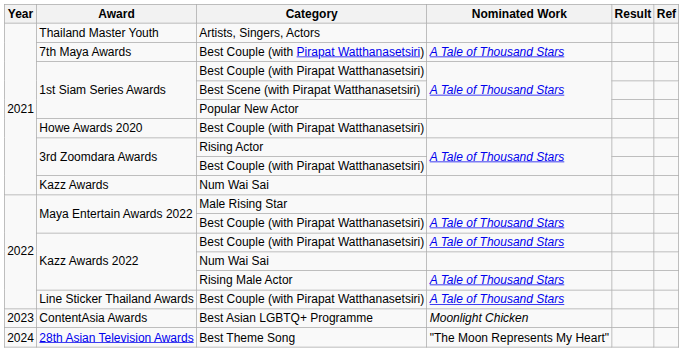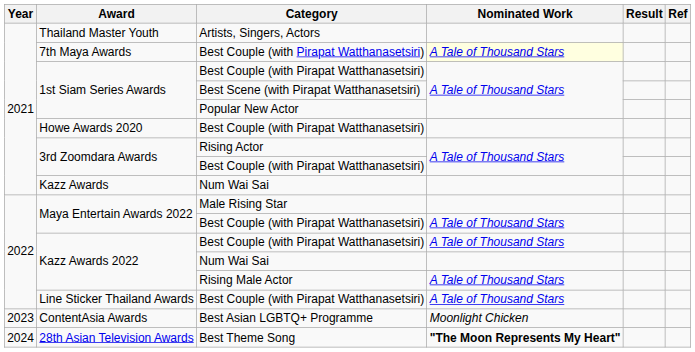 <table class="wikitable">
 <tr>
 <th>Year</th>
 <th>Award</th>
 <th>Category</th>
 <th>Nominated Work</th>
 <th>Result</th>
 <th>Ref</th>
 </tr>
 <tr>
 <td rowspan="9">2021</td>
 <td>Thailand Master Youth</td>
 <td>Artists, Singers, Actors</td>
 <td></td>
 <td></td>
 <td></td>
 </tr>
 <tr>
 <td>7th Maya Awards</td>
 <td>Best Couple (with <a href='#'>Pirapat Watthanasetsiri</a>)</td>
-<td><em><a href='#'>A Tale of Thousand Stars</a></em></td>
+<td style="background: lightyellow;"><em><a href='#'>A Tale of Thousand Stars</a></em></td>
 <td></td>
 <td></td>
 </tr>
 <tr>
 <td rowspan="3">1st Siam Series Awards</td>
 <td>Best Couple (with Pirapat Watthanasetsiri)</td>
 <td rowspan="3"><em><a href='#'>A Tale of Thousand Stars</a></em></td>
 <td></td>
 <td></td>
 </tr>
 <tr>
 <td>Best Scene (with Pirapat Watthanasetsiri)</td>
 <td></td>
 <td></td>
 </tr>
 <tr>
 <td>Popular New Actor</td>
 <td></td>
 <td></td>
 </tr>
 <tr>
 <td>Howe Awards 2020</td>
 <td>Best Couple (with Pirapat Watthanasetsiri)</td>
 <td></td>
 <td></td>
 <td></td>
 </tr>
 <tr>
 <td rowspan="2">3rd Zoomdara Awards</td>
 <td>Rising Actor</td>
 <td rowspan="2"><em><a href='#'>A Tale of Thousand Stars</a></em></td>
 <td></td>
 <td></td>
 </tr>
 <tr>
 <td>Best Couple (with Pirapat Watthanasetsiri)</td>
 <td></td>
 <td></td>
 </tr>
 <tr>
 <td>Kazz Awards</td>
 <td>Num Wai Sai</td>
 <td></td>
 <td></td>
 <td></td>
 </tr>
 <tr>
 <td rowspan="6">2022</td>
 <td rowspan="2">Maya Entertain Awards 2022</td>
 <td>Male Rising Star</td>
 <td></td>
 <td></td>
 <td></td>
 </tr>
 <tr>
 <td>Best Couple (with Pirapat Watthanasetsiri)</td>
 <td><em><a href='#'>A Tale of Thousand Stars</a></em></td>
 <td></td>
 <td></td>
 </tr>
 <tr>
 <td rowspan="3">Kazz Awards 2022</td>
 <td>Best Couple (with Pirapat Watthanasetsiri)</td>
 <td><em><a href='#'>A Tale of Thousand Stars</a></em></td>
 <td></td>
 <td></td>
 </tr>
 <tr>
 <td>Num Wai Sai</td>
 <td></td>
 <td></td>
 <td></td>
 </tr>
 <tr>
 <td>Rising Male Actor</td>
 <td><em><a href='#'>A Tale of Thousand Stars</a></em></td>
 <td></td>
 <td></td>
 </tr>
 <tr>
 <td>Line Sticker Thailand Awards</td>
 <td>Best Couple (with Pirapat Watthanasetsiri)</td>
 <td><em><a href='#'>A Tale of Thousand Stars</a></em></td>
 <td></td>
 </tr>
 <tr>
 <td>2023</td>
 <td>ContentAsia Awards</td>
 <td>Best Asian LGBTQ+ Programme</td>
 <td><em>Moonlight Chicken</em></td>
 <td></td>
 <td></td>
 </tr>
 <tr>
 <td>2024</td>
 <td><a href='#'>28th Asian Television Awards</a></td>
 <td>Best Theme Song</td>
-<td>"The Moon Represents My Heart"</td>
+<td><strong>"The Moon Represents My Heart"</strong></td>
 <td></td>
 <td></td>
 </tr>
 </table>
